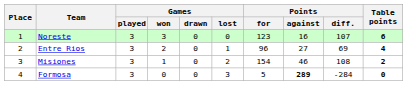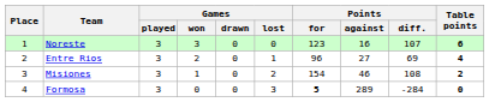 <table class="wikitable">
 <tr>
 <th rowspan=2 width="8%">Place</th>
 <th rowspan=2 width="20%">Team</th>
 <th colspan=4 width="32%">Games</th>
 <th colspan=3 width="30%">Points</th>
 <th rowspan=2 width="10%">Table<br>points</th>
 </tr>
 <tr>
 <th width="8%">played</th>
 <th width="8%">won</th>
 <th width="8%">drawn</th>
 <th width="8%">lost</th>
 <th width="10%">for</th>
 <th width="10%">against</th>
 <th width="10%">diff.</th>
 </tr>
 <tr align=center style="background: #ccffcc;">
 <td>1</td>
 <td align=left><a href='#'>Noreste</a></td>
 <td>3</td>
 <td>3</td>
 <td>0</td>
 <td>0</td>
 <td>123</td>
 <td>16</td>
 <td>107</td>
 <td><strong>6</strong></td>
 </tr>
 <tr align=center style="background: #ffffff;">
 <td>2</td>
 <td align=left><a href='#'>Entre Rios</a></td>
 <td>3</td>
 <td>2</td>
 <td>0</td>
 <td>1</td>
 <td>96</td>
 <td>27</td>
 <td>69</td>
 <td><strong>4</strong></td>
 </tr>
 <tr align=center style="background: #ffffff;">
 <td>3</td>
 <td align=left><a href='#'>Misiones</a></td>
 <td>3</td>
 <td>1</td>
 <td>0</td>
 <td>2</td>
 <td>154</td>
 <td>46</td>
 <td>108</td>
 <td><strong>2</strong></td>
 </tr>
 <tr align=center style="background: #ffffff;">
 <td>4</td>
 <td align=left><a href='#'>Formosa</a></td>
 <td>3</td>
 <td>0</td>
 <td>0</td>
 <td>3</td>
-<td>5</td>
-<td><strong>289</strong></td>
+<td><strong>5</strong></td>
+<td>289</td>
 <td>-284</td>
 <td><strong>0</strong></td>
 </tr>
 </table>
